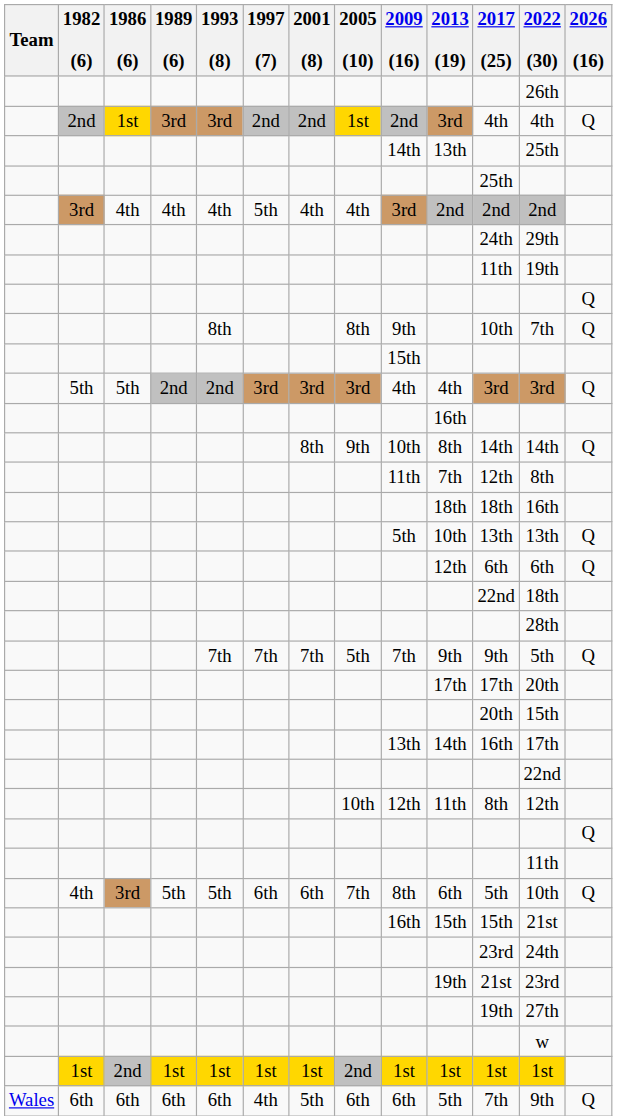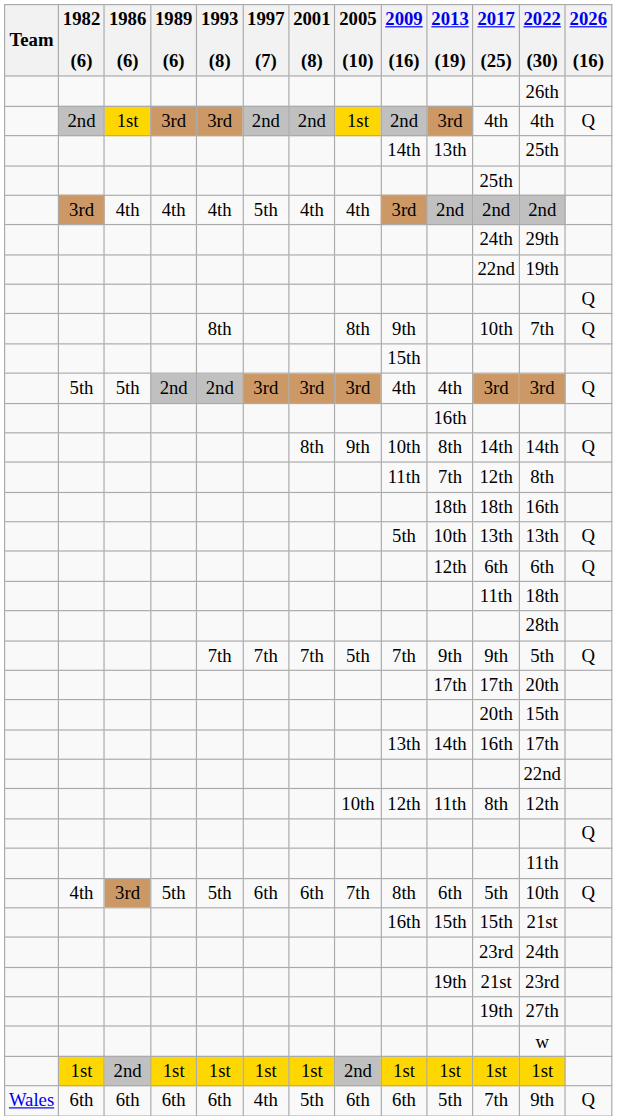 <table class="wikitable"  style="text-align:center;">
 <tr>
 <th>Team</th>
 <th>1982<br><br>(6)</th>
 <th>1986<br><br>(6)</th>
 <th>1989<br><br>(6)</th>
 <th>1993<br><br>(8)</th>
 <th>1997<br><br>(7)</th>
 <th>2001<br><br>(8)</th>
 <th>2005<br><br>(10)</th>
 <th><a href='#'>2009</a><br><br>(16)</th>
 <th><a href='#'>2013</a><br><br>(19)</th>
 <th><a href='#'>2017</a><br><br>(25)</th>
 <th><a href='#'>2022</a><br><br>(30)</th>
 <th><a href='#'>2026</a><br><br>(16)</th>
 </tr>
 <tr>
 <td align="left"></td>
 <td></td>
 <td></td>
 <td></td>
 <td></td>
 <td></td>
 <td></td>
 <td></td>
 <td></td>
 <td></td>
 <td></td>
 <td>26th</td>
 <td></td>
 </tr>
 <tr>
 <td align="left"></td>
 <td bgcolor=silver>2nd</td>
 <td bgcolor=gold>1st</td>
 <td bgcolor=#cc9966>3rd</td>
 <td bgcolor=#cc9966>3rd</td>
 <td bgcolor=silver>2nd</td>
 <td bgcolor=silver>2nd</td>
 <td bgcolor=gold>1st</td>
 <td bgcolor=silver>2nd</td>
 <td bgcolor=#cc9966>3rd</td>
 <td>4th</td>
 <td>4th</td>
 <td>Q</td>
 </tr>
 <tr>
 <td align="left"></td>
 <td></td>
 <td></td>
 <td></td>
 <td></td>
 <td></td>
 <td></td>
 <td></td>
 <td>14th</td>
 <td>13th</td>
 <td></td>
 <td>25th</td>
 <td></td>
 </tr>
 <tr>
 <td align="left"></td>
 <td></td>
 <td></td>
 <td></td>
 <td></td>
 <td></td>
 <td></td>
 <td></td>
 <td></td>
 <td></td>
 <td>25th</td>
 <td></td>
 <td></td>
 </tr>
 <tr>
 <td align="left"></td>
 <td bgcolor=#cc9966>3rd</td>
 <td>4th</td>
 <td>4th</td>
 <td>4th</td>
 <td>5th</td>
 <td>4th</td>
 <td>4th</td>
 <td bgcolor=#cc9966>3rd</td>
 <td bgcolor=silver>2nd</td>
 <td bgcolor=silver>2nd</td>
 <td bgcolor=silver>2nd</td>
 <td></td>
 </tr>
 <tr>
 <td align="left"></td>
 <td></td>
 <td></td>
 <td></td>
 <td></td>
 <td></td>
 <td></td>
 <td></td>
 <td></td>
 <td></td>
 <td>24th</td>
 <td>29th</td>
 <td></td>
 </tr>
 <tr>
 <td align="left"></td>
 <td></td>
 <td></td>
 <td></td>
 <td></td>
 <td></td>
 <td></td>
 <td></td>
 <td></td>
 <td></td>
-<td>11th</td>
+<td>22nd</td>
 <td>19th</td>
 <td></td>
 </tr>
 <tr>
 <td align="left"></td>
 <td></td>
 <td></td>
 <td></td>
 <td></td>
 <td></td>
 <td></td>
 <td></td>
 <td></td>
 <td></td>
 <td></td>
 <td></td>
 <td>Q</td>
 </tr>
 <tr>
 <td align="left"></td>
 <td></td>
 <td></td>
 <td></td>
 <td>8th</td>
 <td></td>
 <td></td>
 <td>8th</td>
 <td>9th</td>
 <td></td>
 <td>10th</td>
 <td>7th</td>
 <td>Q</td>
 </tr>
 <tr>
 <td align="left"></td>
 <td></td>
 <td></td>
 <td></td>
 <td></td>
 <td></td>
 <td></td>
 <td></td>
 <td>15th</td>
 <td></td>
 <td></td>
 <td></td>
 <td></td>
 </tr>
 <tr>
 <td align="left"></td>
 <td>5th</td>
 <td>5th</td>
 <td bgcolor=silver>2nd</td>
 <td bgcolor=silver>2nd</td>
 <td bgcolor=#cc9966>3rd</td>
 <td bgcolor=#cc9966>3rd</td>
 <td bgcolor=#cc9966>3rd</td>
 <td>4th</td>
 <td>4th</td>
 <td bgcolor=#cc9966>3rd</td>
 <td bgcolor=#cc9966>3rd</td>
 <td>Q</td>
 </tr>
 <tr>
 <td align="left"></td>
 <td></td>
 <td></td>
 <td></td>
 <td></td>
 <td></td>
 <td></td>
 <td></td>
 <td></td>
 <td>16th</td>
 <td></td>
 <td></td>
 <td></td>
 </tr>
 <tr>
 <td align="left"></td>
 <td></td>
 <td></td>
 <td></td>
 <td></td>
 <td></td>
 <td>8th</td>
 <td>9th</td>
 <td>10th</td>
 <td>8th</td>
 <td>14th</td>
 <td>14th</td>
 <td>Q</td>
 </tr>
 <tr>
 <td align="left"></td>
 <td></td>
 <td></td>
 <td></td>
 <td></td>
 <td></td>
 <td></td>
 <td></td>
 <td>11th</td>
 <td>7th</td>
 <td>12th</td>
 <td>8th</td>
 <td></td>
 </tr>
 <tr>
 <td align="left"></td>
 <td></td>
 <td></td>
 <td></td>
 <td></td>
 <td></td>
 <td></td>
 <td></td>
 <td></td>
 <td>18th</td>
 <td>18th</td>
 <td>16th</td>
 <td></td>
 </tr>
 <tr>
 <td align="left"></td>
 <td></td>
 <td></td>
 <td></td>
 <td></td>
 <td></td>
 <td></td>
 <td></td>
 <td>5th</td>
 <td>10th</td>
 <td>13th</td>
 <td>13th</td>
 <td>Q</td>
 </tr>
 <tr>
 <td align="left"></td>
 <td></td>
 <td></td>
 <td></td>
 <td></td>
 <td></td>
 <td></td>
 <td></td>
 <td></td>
 <td>12th</td>
 <td>6th</td>
 <td>6th</td>
 <td>Q</td>
 </tr>
 <tr>
 <td align="left"></td>
 <td></td>
 <td></td>
 <td></td>
 <td></td>
 <td></td>
 <td></td>
 <td></td>
 <td></td>
 <td></td>
-<td>22nd</td>
+<td>11th</td>
 <td>18th</td>
 <td></td>
 </tr>
 <tr>
 <td align="left"></td>
 <td></td>
 <td></td>
 <td></td>
 <td></td>
 <td></td>
 <td></td>
 <td></td>
 <td></td>
 <td></td>
 <td></td>
 <td>28th</td>
 <td></td>
 </tr>
 <tr>
 <td align="left"></td>
 <td></td>
 <td></td>
 <td></td>
 <td>7th</td>
 <td>7th</td>
 <td>7th</td>
 <td>5th</td>
 <td>7th</td>
 <td>9th</td>
 <td>9th</td>
 <td>5th</td>
 <td>Q</td>
 </tr>
 <tr>
 <td align="left"></td>
 <td></td>
 <td></td>
 <td></td>
 <td></td>
 <td></td>
 <td></td>
 <td></td>
 <td></td>
 <td>17th</td>
 <td>17th</td>
 <td>20th</td>
 <td></td>
 </tr>
 <tr>
 <td align="left"></td>
 <td></td>
 <td></td>
 <td></td>
 <td></td>
 <td></td>
 <td></td>
 <td></td>
 <td></td>
 <td></td>
 <td>20th</td>
 <td>15th</td>
 <td></td>
 </tr>
 <tr>
 <td align="left"></td>
 <td></td>
 <td></td>
 <td></td>
 <td></td>
 <td></td>
 <td></td>
 <td></td>
 <td>13th</td>
 <td>14th</td>
 <td>16th</td>
 <td>17th</td>
 <td></td>
 </tr>
 <tr>
 <td align="left"></td>
 <td></td>
 <td></td>
 <td></td>
 <td></td>
 <td></td>
 <td></td>
 <td></td>
 <td></td>
 <td></td>
 <td></td>
 <td>22nd</td>
 <td></td>
 </tr>
 <tr>
 <td align="left"></td>
 <td></td>
 <td></td>
 <td></td>
 <td></td>
 <td></td>
 <td></td>
 <td>10th</td>
 <td>12th</td>
 <td>11th</td>
 <td>8th</td>
 <td>12th</td>
 <td></td>
 </tr>
 <tr>
 <td align="left"></td>
 <td></td>
 <td></td>
 <td></td>
 <td></td>
 <td></td>
 <td></td>
 <td></td>
 <td></td>
 <td></td>
 <td></td>
 <td></td>
 <td>Q</td>
 </tr>
 <tr>
 <td align="left"></td>
 <td></td>
 <td></td>
 <td></td>
 <td></td>
 <td></td>
 <td></td>
 <td></td>
 <td></td>
 <td></td>
 <td></td>
 <td>11th</td>
 <td></td>
 </tr>
 <tr>
 <td align="left"></td>
 <td>4th</td>
 <td bgcolor=#cc9966>3rd</td>
 <td>5th</td>
 <td>5th</td>
 <td>6th</td>
 <td>6th</td>
 <td>7th</td>
 <td>8th</td>
 <td>6th</td>
 <td>5th</td>
 <td>10th</td>
 <td>Q</td>
 </tr>
 <tr>
 <td align="left"></td>
 <td></td>
 <td></td>
 <td></td>
 <td></td>
 <td></td>
 <td></td>
 <td></td>
 <td>16th</td>
 <td>15th</td>
 <td>15th</td>
 <td>21st</td>
 <td></td>
 </tr>
 <tr>
 <td align="left"></td>
 <td></td>
 <td></td>
 <td></td>
 <td></td>
 <td></td>
 <td></td>
 <td></td>
 <td></td>
 <td></td>
 <td>23rd</td>
 <td>24th</td>
 <td></td>
 </tr>
 <tr>
 <td align="left"></td>
 <td></td>
 <td></td>
 <td></td>
 <td></td>
 <td></td>
 <td></td>
 <td></td>
 <td></td>
 <td>19th</td>
 <td>21st</td>
 <td>23rd</td>
 <td></td>
 </tr>
 <tr>
 <td align="left"></td>
 <td></td>
 <td></td>
 <td></td>
 <td></td>
 <td></td>
 <td></td>
 <td></td>
 <td></td>
 <td></td>
 <td>19th</td>
 <td>27th</td>
 <td></td>
 </tr>
 <tr>
 <td align="left"></td>
 <td></td>
 <td></td>
 <td></td>
 <td></td>
 <td></td>
 <td></td>
 <td></td>
 <td></td>
 <td></td>
 <td></td>
 <td>w</td>
 <td></td>
 </tr>
 <tr>
 <td align="left"></td>
 <td bgcolor=gold>1st</td>
 <td bgcolor=silver>2nd</td>
 <td bgcolor=gold>1st</td>
 <td bgcolor=gold>1st</td>
 <td bgcolor=gold>1st</td>
 <td bgcolor=gold>1st</td>
 <td bgcolor=silver>2nd</td>
 <td bgcolor=gold>1st</td>
 <td bgcolor=gold>1st</td>
 <td bgcolor=gold>1st</td>
 <td bgcolor=gold>1st</td>
 <td></td>
 </tr>
 <tr>
 <td align="left"> <a href='#'>Wales</a></td>
 <td>6th</td>
 <td>6th</td>
 <td>6th</td>
 <td>6th</td>
 <td>4th</td>
 <td>5th</td>
 <td>6th</td>
 <td>6th</td>
 <td>5th</td>
 <td>7th</td>
 <td>9th</td>
 <td>Q</td>
 </tr>
 </table>
